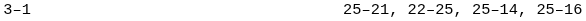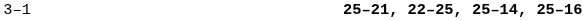 <table>
 <tr>
 <th width=200></th>
 <th width=80></th>
 <th width=200></th>
 <th width=220></th>
 </tr>
 <tr>
 <td align=right><strong></strong></td>
 <td>3–1</td>
 <td></td>
-<td>25–21, 22–25, 25–14, 25–16</td>
+<td><strong>25–21, 22–25, 25–14, 25–16</strong></td>
 </tr>
 </table>
